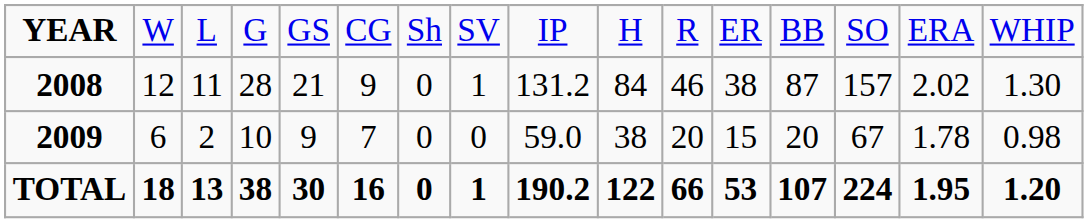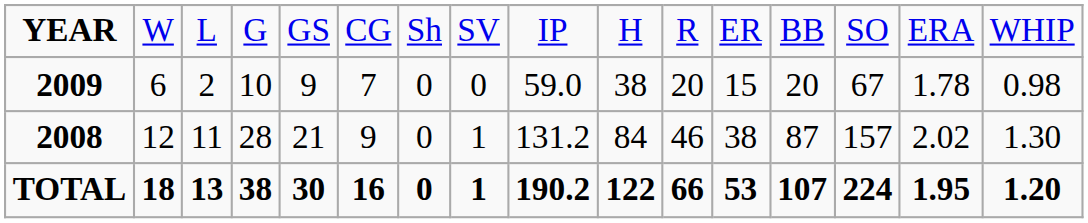 <table class="sortable wikitable" style="text-align:center;">
 <tr>
 <td><strong>YEAR</strong></td>
 <td><a href='#'>W</a></td>
 <td><a href='#'>L</a></td>
 <td><a href='#'>G</a></td>
 <td><a href='#'>GS</a></td>
 <td><a href='#'>CG</a></td>
 <td><a href='#'>Sh</a></td>
 <td><a href='#'>SV</a></td>
 <td><a href='#'>IP</a></td>
 <td><a href='#'>H</a></td>
 <td><a href='#'>R</a></td>
 <td><a href='#'>ER</a></td>
 <td><a href='#'>BB</a></td>
 <td><a href='#'>SO</a></td>
 <td><a href='#'>ERA</a></td>
 <td><a href='#'>WHIP</a></td>
 </tr>
 <tr>
+<td><strong>2009</strong></td>
+<td>6</td>
+<td>2</td>
+<td>10</td>
+<td>9</td>
+<td>7</td>
+<td>0</td>
+<td>0</td>
+<td>59.0</td>
+<td>38</td>
+<td>20</td>
+<td>15</td>
+<td>20</td>
+<td>67</td>
+<td>1.78</td>
+<td>0.98</td>
+</tr>
+<tr>
 <td><strong>2008</strong></td>
 <td>12</td>
 <td>11</td>
 <td>28</td>
 <td>21</td>
 <td>9</td>
 <td>0</td>
 <td>1</td>
 <td>131.2</td>
 <td>84</td>
 <td>46</td>
 <td>38</td>
 <td>87</td>
 <td>157</td>
 <td>2.02</td>
 <td>1.30</td>
-</tr>
-<tr>
-<td><strong>2009</strong></td>
-<td>6</td>
-<td>2</td>
-<td>10</td>
-<td>9</td>
-<td>7</td>
-<td>0</td>
-<td>0</td>
-<td>59.0</td>
-<td>38</td>
-<td>20</td>
-<td>15</td>
-<td>20</td>
-<td>67</td>
-<td>1.78</td>
-<td>0.98</td>
 </tr>
 <tr>
 <td><strong>TOTAL</strong></td>
 <td><strong>18</strong></td>
 <td><strong>13</strong></td>
 <td><strong>38</strong></td>
 <td><strong>30</strong></td>
 <td><strong>16</strong></td>
 <td><strong>0</strong></td>
 <td><strong>1</strong></td>
 <td><strong>190.2</strong></td>
 <td><strong>122</strong></td>
 <td><strong>66</strong></td>
 <td><strong>53</strong></td>
 <td><strong>107</strong></td>
 <td><strong>224</strong></td>
 <td><strong>1.95</strong></td>
 <td><strong>1.20</strong></td>
 </tr>
 </table>
